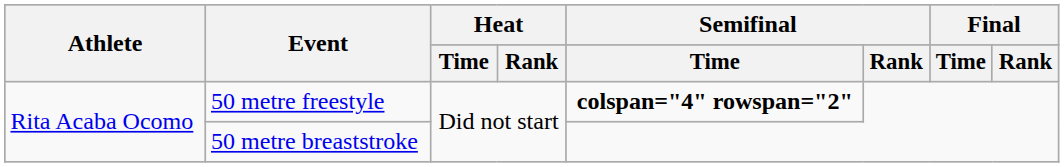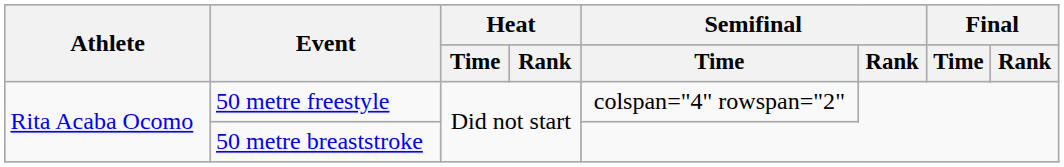 <table class="wikitable" style="text-align:center; font-size:90%; width:50%;">
 <tr>
 <th rowspan="2">Athlete</th>
 <th rowspan="2">Event</th>
 <th colspan="2">Heat</th>
 <th colspan="2">Semifinal</th>
 <th colspan="2">Final</th>
 </tr>
 <tr style="font-size:95%">
 <th>Time</th>
 <th>Rank</th>
 <th>Time</th>
 <th>Rank</th>
 <th>Time</th>
 <th>Rank</th>
 </tr>
 <tr>
 <td align=left rowspan=2><a href='#'>Rita Acaba Ocomo</a></td>
 <td align=left><a href='#'>50 metre freestyle</a></td>
 <td colspan="2" rowspan="2">Did not start</td>
-<td><strong>colspan="4" rowspan="2" </strong></td>
+<td>colspan="4" rowspan="2" </td>
 </tr>
 <tr>
 <td align=left><a href='#'>50 metre breaststroke</a></td>
 </tr>
 </table>
